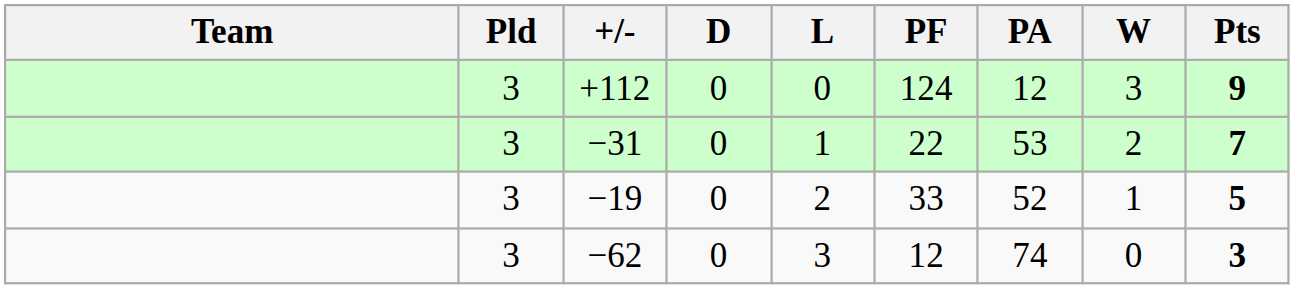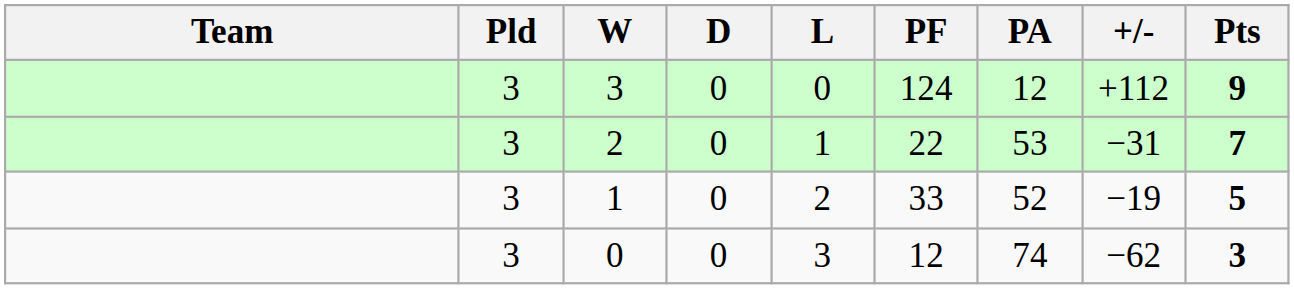 <table class="wikitable" style="text-align: center;">
 <tr>
 <th width="200">Team</th>
 <th width="40">Pld</th>
-<th width="40">+/-</th>
+<th width="40">W</th>
 <th width="40">D</th>
 <th width="40">L</th>
 <th width="40">PF</th>
 <th width="40">PA</th>
-<th width="40">W</th>
+<th width="40">+/-</th>
 <th width="40">Pts</th>
 </tr>
 <tr style="background-color:#ccffcc">
 <td style="text-align:left;"></td>
 <td>3</td>
-<td>+112</td>
+<td>3</td>
 <td>0</td>
 <td>0</td>
 <td>124</td>
 <td>12</td>
-<td>3</td>
+<td>+112</td>
 <td><strong>9</strong></td>
 </tr>
 <tr style="background-color:#ccffcc">
 <td style="text-align:left;"></td>
 <td>3</td>
-<td>−31</td>
+<td>2</td>
 <td>0</td>
 <td>1</td>
 <td>22</td>
 <td>53</td>
-<td>2</td>
+<td>−31</td>
 <td><strong>7</strong></td>
 </tr>
 <tr>
 <td style="text-align:left;"></td>
 <td>3</td>
-<td>−19</td>
+<td>1</td>
 <td>0</td>
 <td>2</td>
 <td>33</td>
 <td>52</td>
-<td>1</td>
+<td>−19</td>
 <td><strong>5</strong></td>
 </tr>
 <tr>
 <td style="text-align:left;"></td>
 <td>3</td>
-<td>−62</td>
+<td>0</td>
 <td>0</td>
 <td>3</td>
 <td>12</td>
 <td>74</td>
-<td>0</td>
+<td>−62</td>
 <td><strong>3</strong></td>
 </tr>
 </table>
